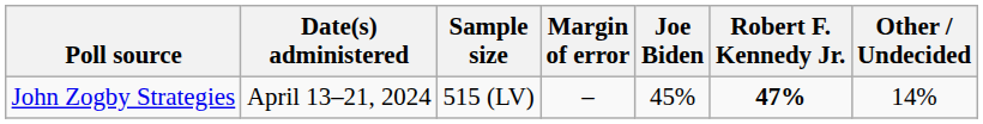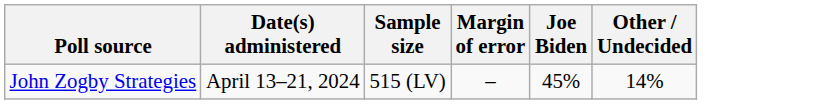 <table class="wikitable sortable mw-datatable" style="font-size:90%;text-align:center;line-height:17px">
 <tr valign=bottom>
 <th>Poll source</th>
 <th>Date(s)<br>administered</th>
 <th>Sample<br>size</th>
 <th>Margin<br>of error</th>
 <th class="unsortable">Joe<br>Biden<br></th>
-<th class="unsortable">Robert F.<br>Kennedy Jr.<br></th>
 <th class="unsortable">Other /<br>Undecided</th>
 </tr>
 <tr>
 <td style="text-align:left;"><a href='#'>John Zogby Strategies</a></td>
 <td data-sort-value="2024-05-01">April 13–21, 2024</td>
 <td>515 (LV)</td>
 <td>–</td>
 <td>45%</td>
-<td style="background-color:"><strong>47%</strong></td>
 <td>14%</td>
 </tr>
 </table>
